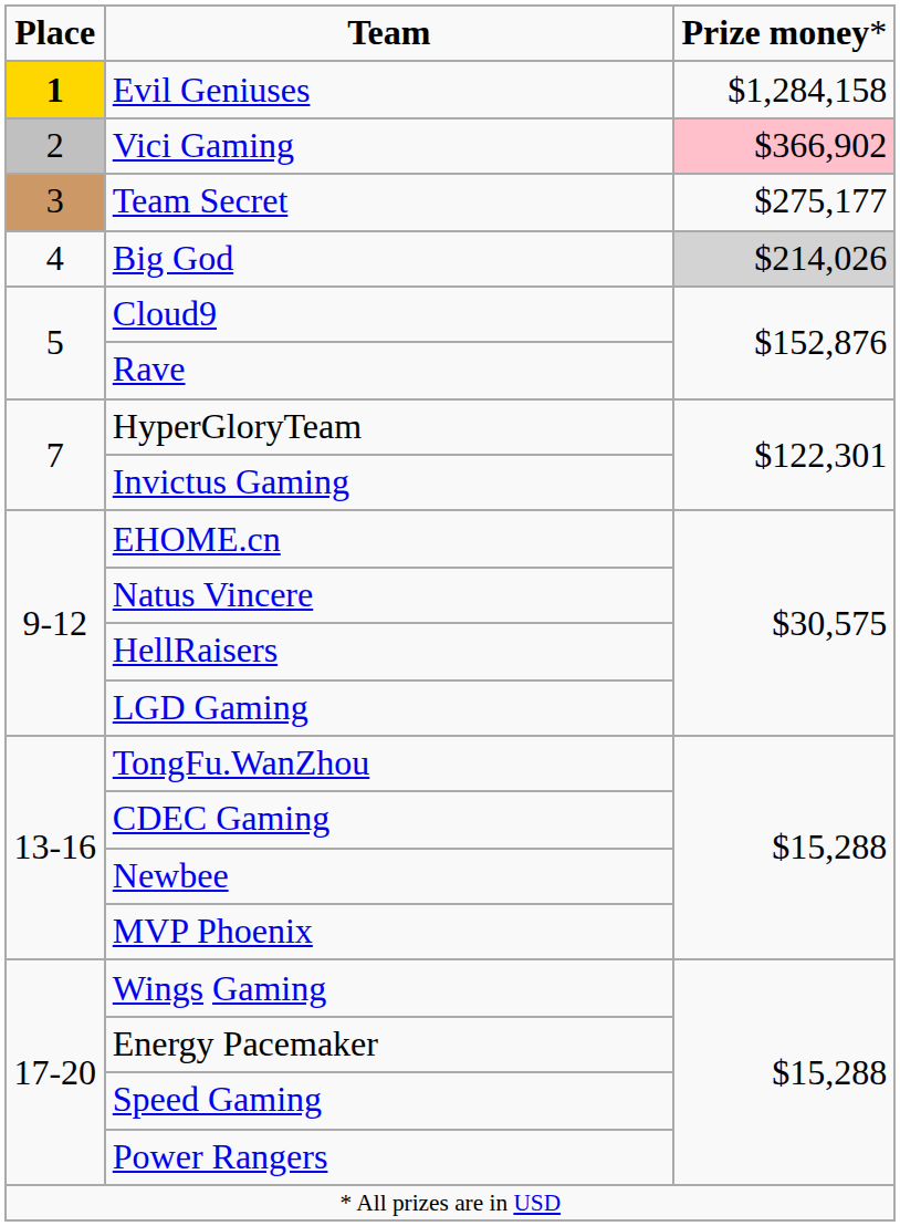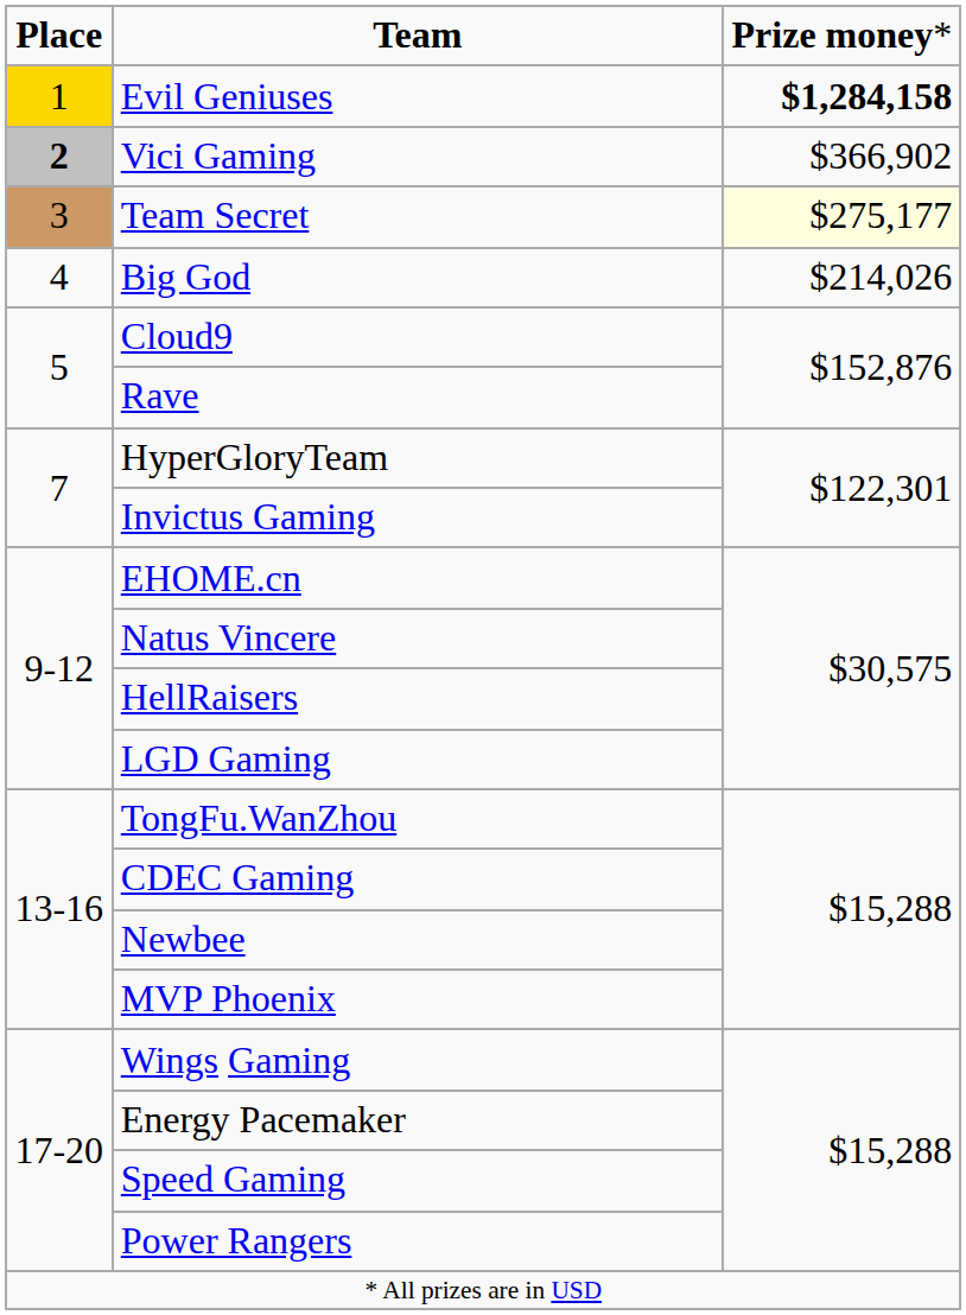 <table class="wikitable" style="text-align:left">
 <tr>
 <td style="text-align:center"><strong>Place</strong></td>
 <td style="text-align:center; width: 250px;"><strong>Team</strong></td>
 <td style="text-align:center"><strong>Prize money</strong>*</td>
 </tr>
 <tr>
-<td style="text-align:center; background:gold;"><strong>1</strong></td>
+<td style="text-align:center; background:gold;">1</td>
 <td><a href='#'>Evil Geniuses</a></td>
-<td style="text-align:right">$1,284,158</td>
+<td style="text-align:right"><strong>$1,284,158</strong></td>
 </tr>
 <tr>
-<td style="text-align:center; background:silver;">2</td>
+<td style="text-align:center; background:silver;"><strong>2</strong></td>
 <td><a href='#'>Vici Gaming</a></td>
-<td style="background: pink; text-align:right">$366,902</td>
+<td style="text-align:right">$366,902</td>
 </tr>
 <tr>
 <td style="text-align:center; background:#c96;">3</td>
 <td><a href='#'>Team Secret</a></td>
-<td style="text-align:right">$275,177</td>
+<td style="background: lightyellow; text-align:right">$275,177</td>
 </tr>
 <tr>
 <td style="text-align:center">4</td>
 <td><a href='#'>Big God</a></td>
-<td style="background: lightgrey; text-align:right">$214,026</td>
+<td style="text-align:right">$214,026</td>
 </tr>
 <tr>
 <td style="text-align:center" rowspan="2">5</td>
 <td><a href='#'>Cloud9</a></td>
 <td rowspan="2" style="text-align:right">$152,876</td>
 </tr>
 <tr>
 <td><a href='#'>Rave</a></td>
 </tr>
 <tr>
 <td style="text-align:center" rowspan="2">7</td>
 <td>HyperGloryTeam</td>
 <td rowspan="2" style="text-align:right">$122,301</td>
 </tr>
 <tr>
 <td><a href='#'>Invictus Gaming</a></td>
 </tr>
 <tr>
 <td style="text-align:center" rowspan="4">9-12</td>
 <td><a href='#'>EHOME.cn</a></td>
 <td rowspan="4" style="text-align:right">$30,575</td>
 </tr>
 <tr>
 <td><a href='#'>Natus Vincere</a></td>
 </tr>
 <tr>
 <td><a href='#'>HellRaisers</a></td>
 </tr>
 <tr>
 <td><a href='#'>LGD Gaming</a></td>
 </tr>
 <tr>
 <td style="text-align:center" rowspan="4">13-16</td>
 <td><a href='#'>TongFu.WanZhou</a></td>
 <td rowspan="4" style="text-align:right">$15,288</td>
 </tr>
 <tr>
 <td><a href='#'>CDEC Gaming</a></td>
 </tr>
 <tr>
 <td><a href='#'>Newbee</a></td>
 </tr>
 <tr>
 <td><a href='#'>MVP Phoenix</a></td>
 </tr>
 <tr>
 <td style="text-align:center" rowspan="4">17-20</td>
 <td><a href='#'>Wings</a> <a href='#'>Gaming</a></td>
 <td rowspan="4" style="text-align:right">$15,288</td>
 </tr>
 <tr>
 <td>Energy Pacemaker</td>
 </tr>
 <tr>
 <td><a href='#'>Speed Gaming</a></td>
 </tr>
 <tr>
 <td><a href='#'>Power Rangers</a></td>
 </tr>
 <tr>
 <td align="center" colspan="6" style="font-size: 8pt">* All prizes are in <a href='#'>USD</a></td>
 </tr>
 <tr>
 </tr>
 </table>
